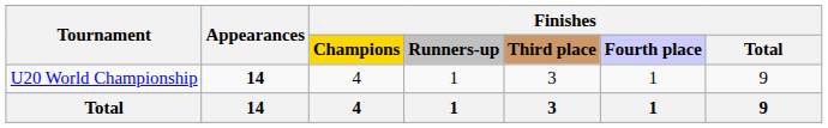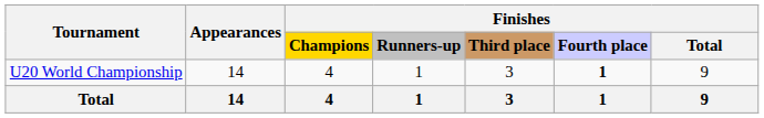 <table class="wikitable" style="text-align: center; font-size: 90%; margin-left: 1em;">
 <tr>
 <th rowspan="2">Tournament</th>
 <th rowspan="2">Appearances</th>
 <th colspan="5">Finishes</th>
 </tr>
 <tr>
 <th style="background-color: gold;">Champions</th>
 <th style="background-color: silver;">Runners-up</th>
 <th style="background-color: #cc9966;">Third place</th>
 <th style="background-color: #ccccff;">Fourth place</th>
 <th style="width: 6em;">Total</th>
 </tr>
 <tr>
 <td style="text-align:left;"><a href='#'>U20 World Championship</a></td>
-<td><strong>14</strong></td>
+<td>14</td>
 <td>4</td>
 <td>1</td>
 <td>3</td>
-<td>1</td>
+<td><strong>1</strong></td>
 <td>9</td>
 </tr>
 <tr>
 <th>Total</th>
 <th>14</th>
 <th>4</th>
 <th>1</th>
 <th>3</th>
 <th>1</th>
 <th>9</th>
 </tr>
 </table>
